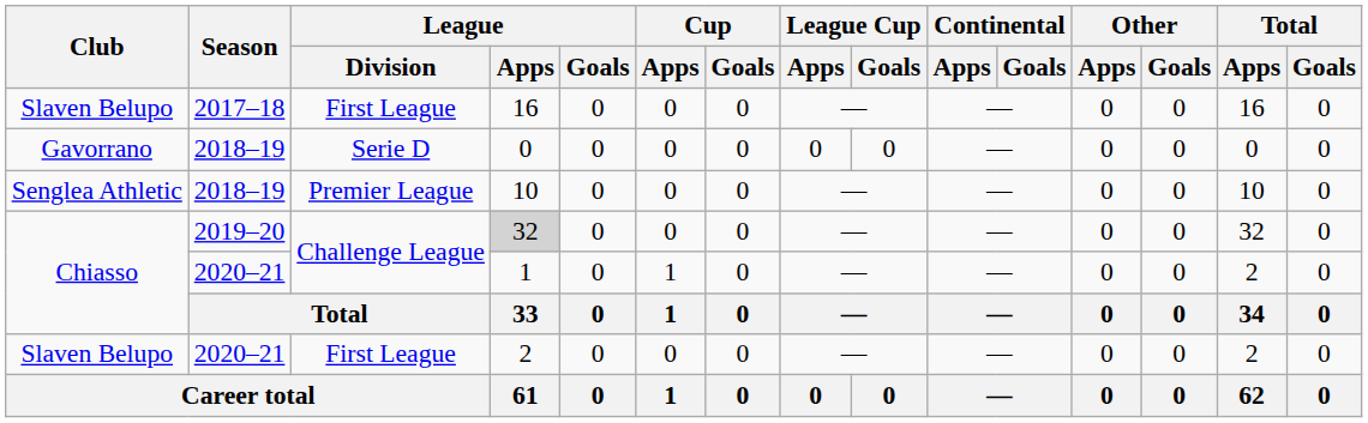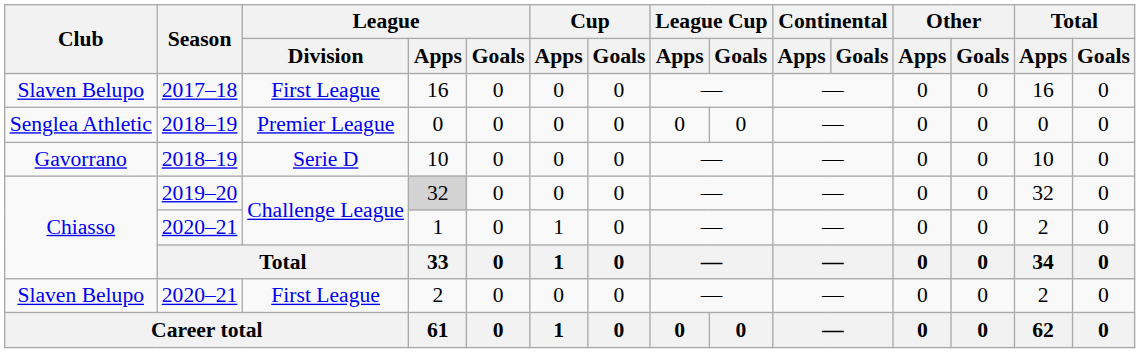 <table class="wikitable" style="text-align:center">
 <tr>
 <th rowspan="2">Club</th>
 <th rowspan="2">Season</th>
 <th colspan="3">League</th>
 <th colspan="2">Cup</th>
 <th colspan="2">League Cup</th>
 <th colspan="2">Continental</th>
 <th colspan="2">Other</th>
 <th colspan="2">Total</th>
 </tr>
 <tr>
 <th>Division</th>
 <th>Apps</th>
 <th>Goals</th>
 <th>Apps</th>
 <th>Goals</th>
 <th>Apps</th>
 <th>Goals</th>
 <th>Apps</th>
 <th>Goals</th>
 <th>Apps</th>
 <th>Goals</th>
 <th>Apps</th>
 <th>Goals</th>
 </tr>
 <tr>
 <td rowspan="1"><a href='#'>Slaven Belupo</a></td>
 <td><a href='#'>2017–18</a></td>
 <td rowspan="1"><a href='#'>First League</a></td>
 <td>16</td>
 <td>0</td>
 <td>0</td>
 <td>0</td>
 <td colspan="2">—</td>
 <td colspan="2">—</td>
 <td>0</td>
 <td>0</td>
 <td>16</td>
 <td>0</td>
 </tr>
 <tr>
-<td rowspan="1"><a href='#'>Gavorrano</a></td>
+<td rowspan="1"><a href='#'>Senglea Athletic</a></td>
 <td><a href='#'>2018–19</a></td>
-<td rowspan="1"><a href='#'>Serie D</a></td>
+<td rowspan="1"><a href='#'>Premier League</a></td>
 <td>0</td>
 <td>0</td>
 <td>0</td>
 <td>0</td>
 <td>0</td>
 <td>0</td>
 <td colspan="2">—</td>
 <td>0</td>
 <td>0</td>
 <td>0</td>
 <td>0</td>
 </tr>
 <tr>
-<td rowspan="1"><a href='#'>Senglea Athletic</a></td>
+<td rowspan="1"><a href='#'>Gavorrano</a></td>
 <td><a href='#'>2018–19</a></td>
-<td rowspan="1"><a href='#'>Premier League</a></td>
+<td rowspan="1"><a href='#'>Serie D</a></td>
 <td>10</td>
 <td>0</td>
 <td>0</td>
 <td>0</td>
 <td colspan="2">—</td>
 <td colspan="2">—</td>
 <td>0</td>
 <td>0</td>
 <td>10</td>
 <td>0</td>
 </tr>
 <tr>
 <td rowspan="3"><a href='#'>Chiasso</a></td>
 <td><a href='#'>2019–20</a></td>
 <td rowspan="2"><a href='#'>Challenge League</a></td>
 <td style="background: lightgrey;">32</td>
 <td>0</td>
 <td>0</td>
 <td>0</td>
 <td colspan="2">—</td>
 <td colspan="2">—</td>
 <td>0</td>
 <td>0</td>
 <td>32</td>
 <td>0</td>
 </tr>
 <tr>
 <td><a href='#'>2020–21</a></td>
 <td>1</td>
 <td>0</td>
 <td>1</td>
 <td>0</td>
 <td colspan="2">—</td>
 <td colspan="2">—</td>
 <td>0</td>
 <td>0</td>
 <td>2</td>
 <td>0</td>
 </tr>
 <tr>
 <th colspan="2">Total</th>
 <th>33</th>
 <th>0</th>
 <th>1</th>
 <th>0</th>
 <th colspan="2">—</th>
 <th colspan="2">—</th>
 <th>0</th>
 <th>0</th>
 <th>34</th>
 <th>0</th>
 </tr>
 <tr>
 <td rowspan="1"><a href='#'>Slaven Belupo</a></td>
 <td><a href='#'>2020–21</a></td>
 <td rowspan="1"><a href='#'>First League</a></td>
 <td>2</td>
 <td>0</td>
 <td>0</td>
 <td>0</td>
 <td colspan="2">—</td>
 <td colspan="2">—</td>
 <td>0</td>
 <td>0</td>
 <td>2</td>
 <td>0</td>
 </tr>
 <tr>
 <th colspan="3">Career total</th>
 <th>61</th>
 <th>0</th>
 <th>1</th>
 <th>0</th>
 <th>0</th>
 <th>0</th>
 <th colspan="2">—</th>
 <th>0</th>
 <th>0</th>
 <th>62</th>
 <th>0</th>
 </tr>
 </table>
